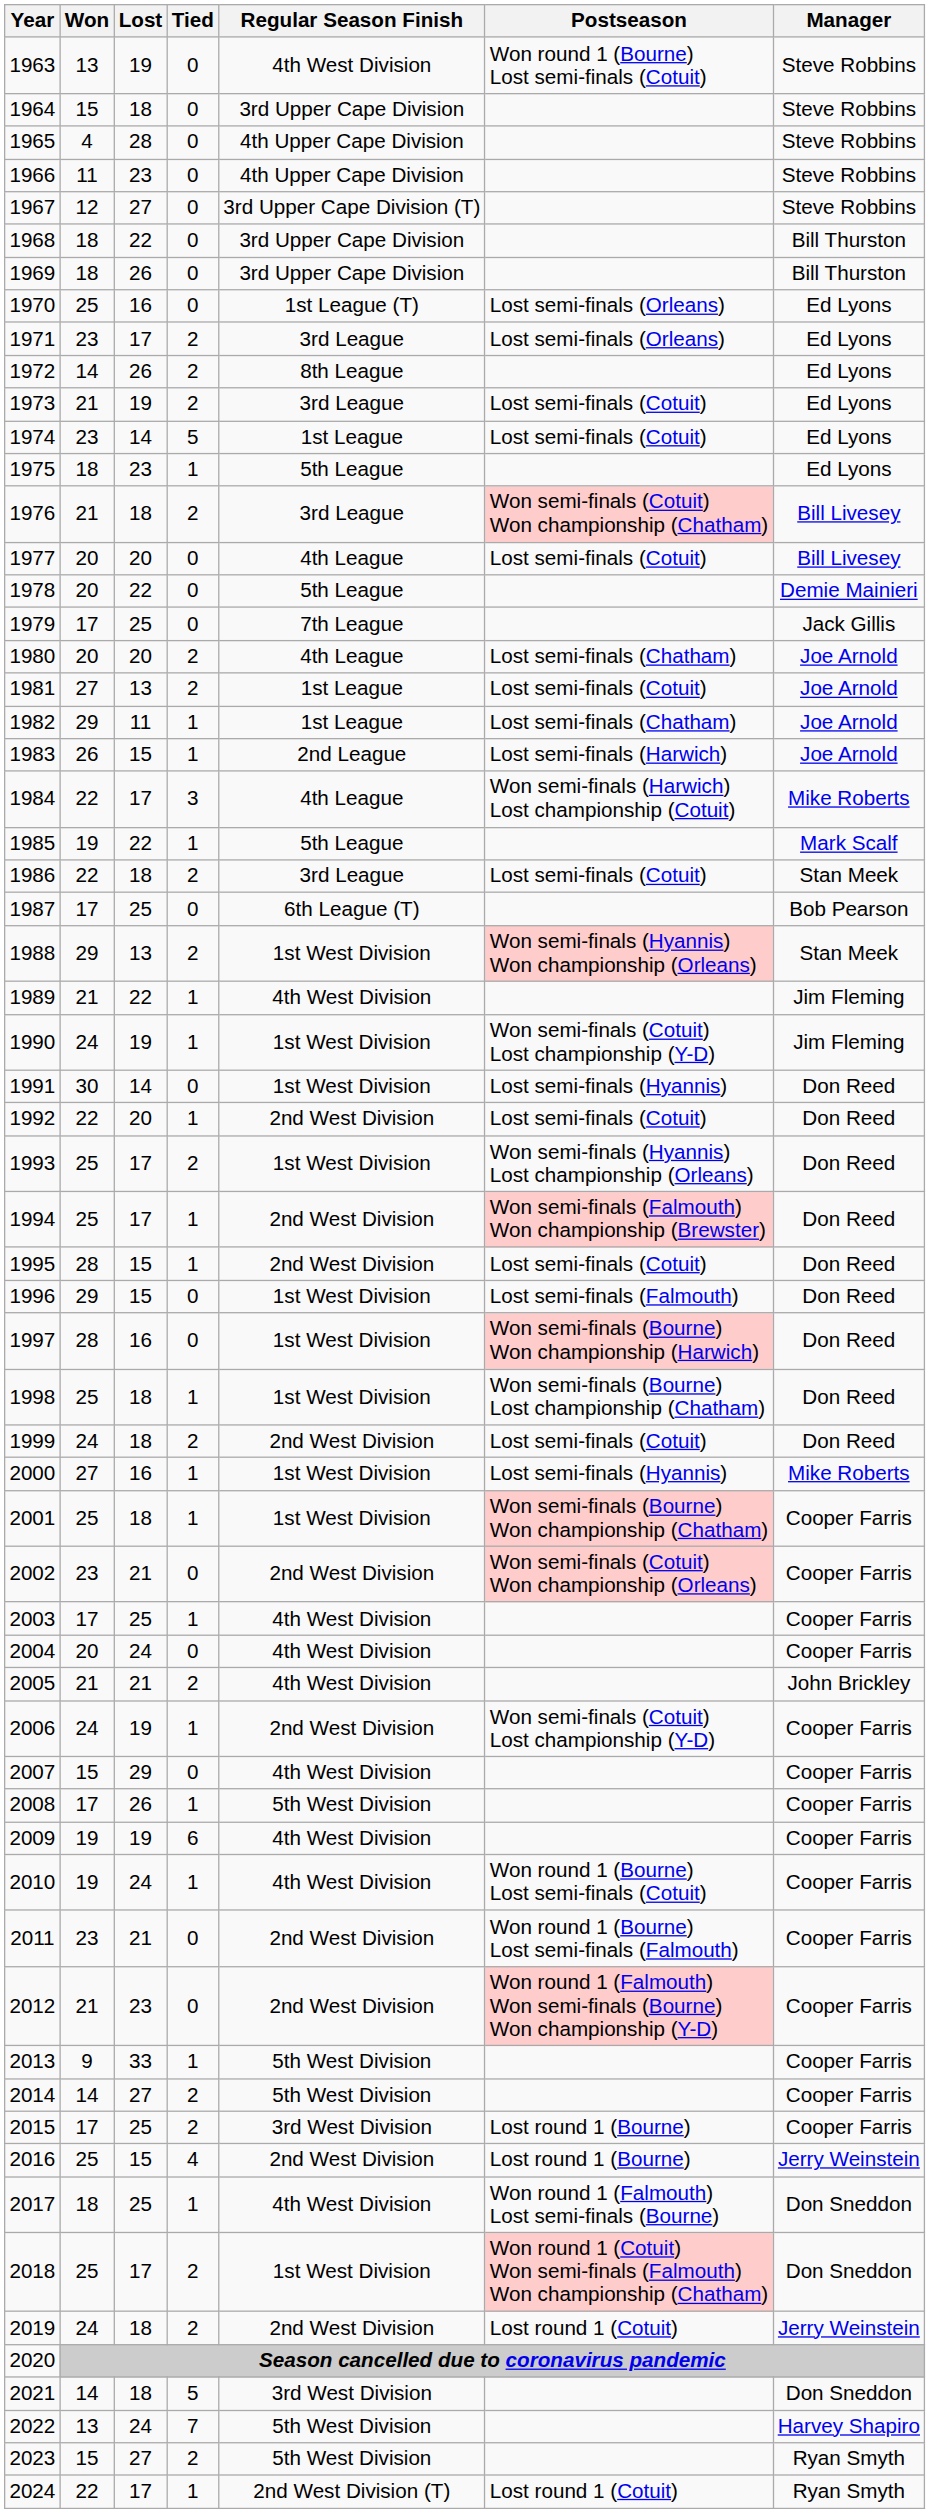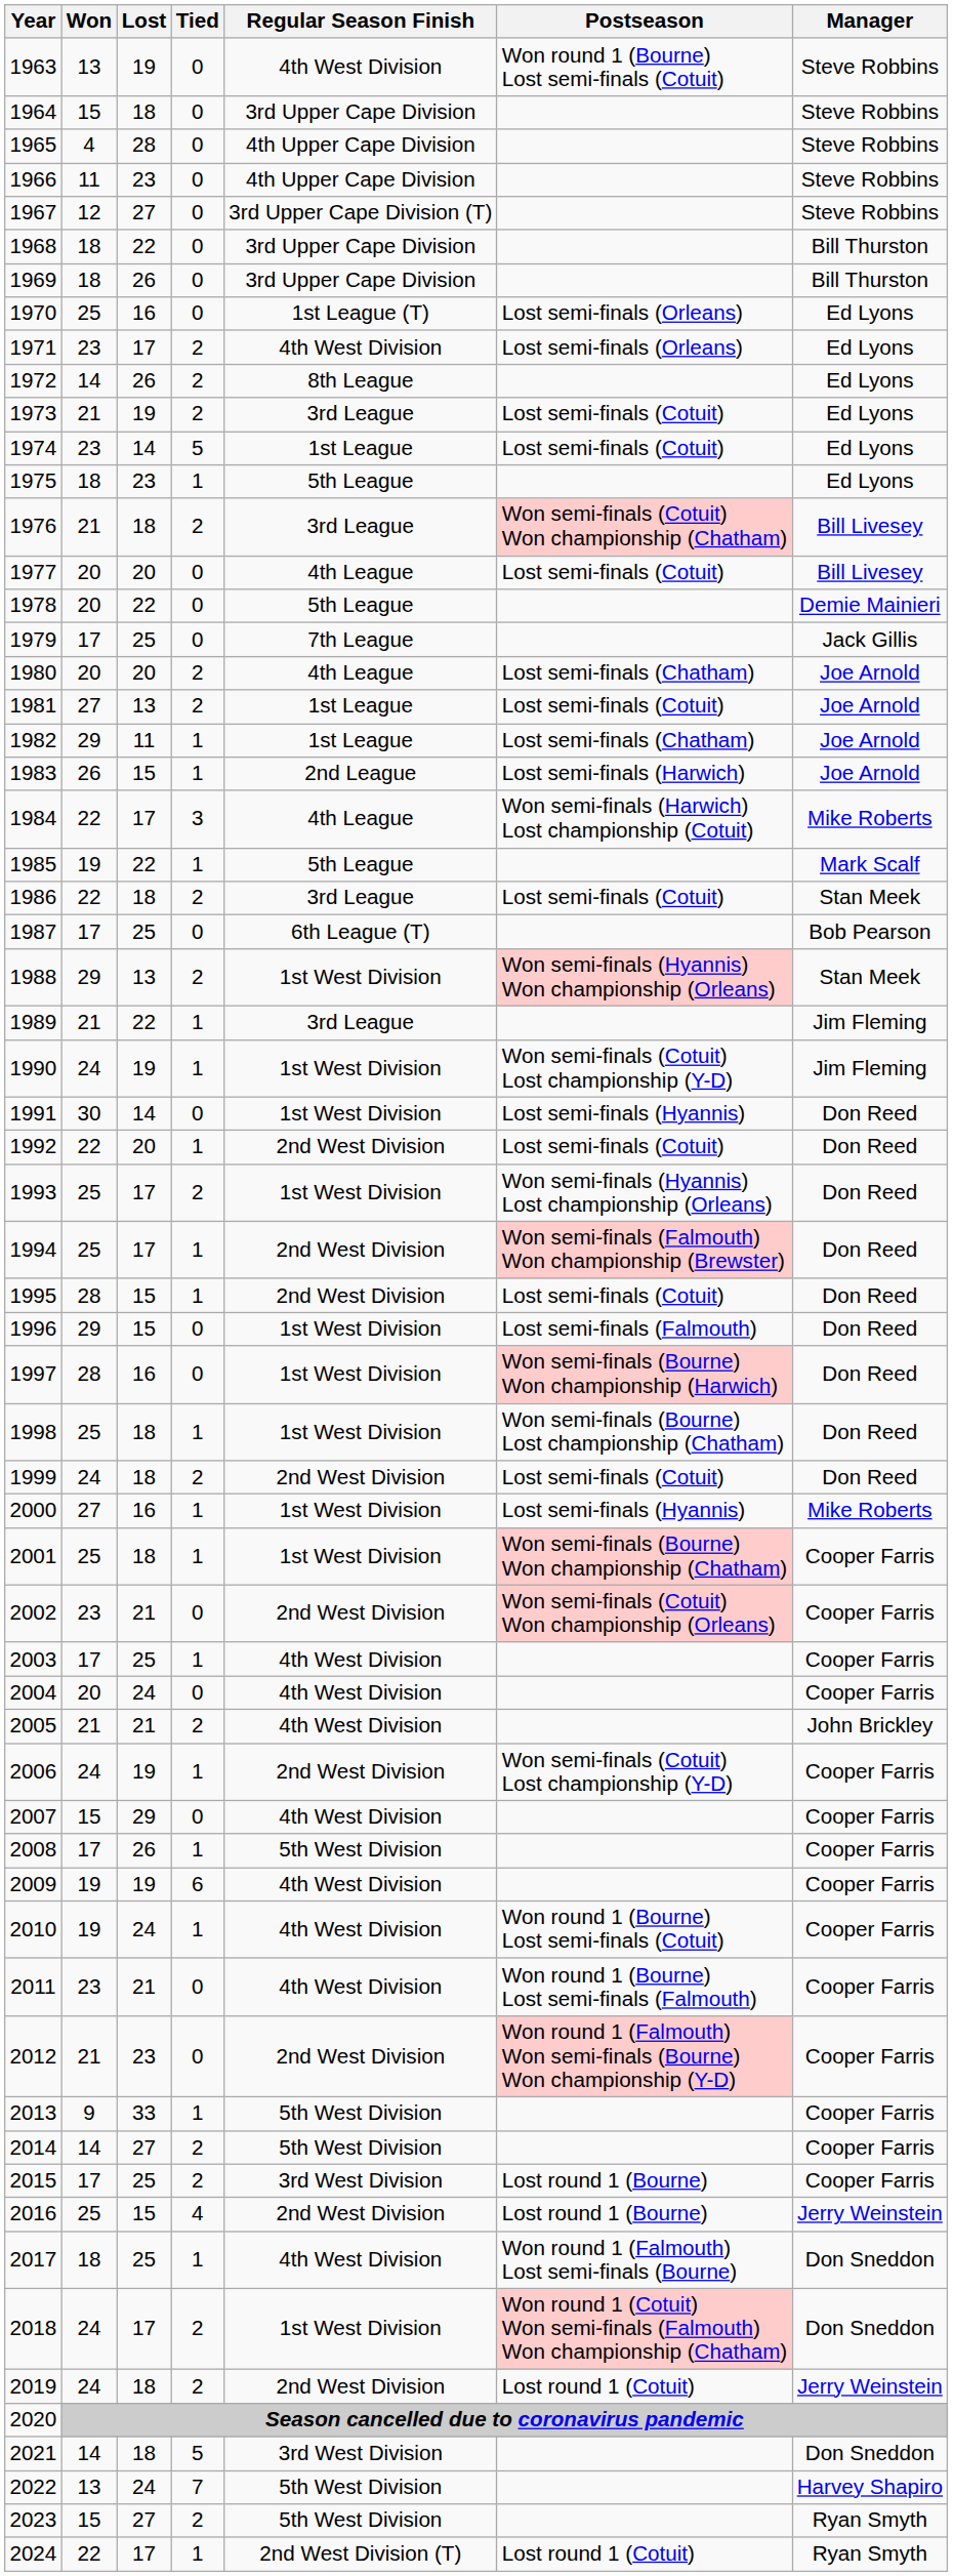 <table class="wikitable" style="text-align:center">
 <tr>
 <th>Year</th>
 <th>Won</th>
 <th>Lost</th>
 <th>Tied</th>
 <th>Regular Season Finish</th>
 <th>Postseason</th>
 <th>Manager</th>
 </tr>
 <tr>
 <td>1963</td>
 <td>13</td>
 <td>19</td>
 <td>0</td>
 <td>4th West Division</td>
 <td style="text-align:left">Won round 1 (<a href='#'>Bourne</a>)<br>Lost semi-finals (<a href='#'>Cotuit</a>)</td>
 <td>Steve Robbins</td>
 </tr>
 <tr>
 <td>1964</td>
 <td>15</td>
 <td>18</td>
 <td>0</td>
 <td>3rd Upper Cape Division</td>
 <td></td>
 <td>Steve Robbins</td>
 </tr>
 <tr>
 <td>1965</td>
 <td>4</td>
 <td>28</td>
 <td>0</td>
 <td>4th Upper Cape Division</td>
 <td></td>
 <td>Steve Robbins</td>
 </tr>
 <tr>
 <td>1966</td>
 <td>11</td>
 <td>23</td>
 <td>0</td>
 <td>4th Upper Cape Division</td>
 <td></td>
 <td>Steve Robbins</td>
 </tr>
 <tr>
 <td>1967</td>
 <td>12</td>
 <td>27</td>
 <td>0</td>
 <td>3rd Upper Cape Division (T)</td>
 <td></td>
 <td>Steve Robbins</td>
 </tr>
 <tr>
 <td>1968</td>
 <td>18</td>
 <td>22</td>
 <td>0</td>
 <td>3rd Upper Cape Division</td>
 <td></td>
 <td>Bill Thurston</td>
 </tr>
 <tr>
 <td>1969</td>
 <td>18</td>
 <td>26</td>
 <td>0</td>
 <td>3rd Upper Cape Division</td>
 <td></td>
 <td>Bill Thurston</td>
 </tr>
 <tr>
 <td>1970</td>
 <td>25</td>
 <td>16</td>
 <td>0</td>
 <td>1st League (T)</td>
 <td style="text-align:left">Lost semi-finals (<a href='#'>Orleans</a>)</td>
 <td>Ed Lyons</td>
 </tr>
 <tr>
 <td>1971</td>
 <td>23</td>
 <td>17</td>
 <td>2</td>
-<td>3rd League</td>
+<td>4th West Division</td>
 <td style="text-align:left">Lost semi-finals (<a href='#'>Orleans</a>)</td>
 <td>Ed Lyons</td>
 </tr>
 <tr>
 <td>1972</td>
 <td>14</td>
 <td>26</td>
 <td>2</td>
 <td>8th League</td>
 <td></td>
 <td>Ed Lyons</td>
 </tr>
 <tr>
 <td>1973</td>
 <td>21</td>
 <td>19</td>
 <td>2</td>
 <td>3rd League</td>
 <td style="text-align:left">Lost semi-finals (<a href='#'>Cotuit</a>)</td>
 <td>Ed Lyons</td>
 </tr>
 <tr>
 <td>1974</td>
 <td>23</td>
 <td>14</td>
 <td>5</td>
 <td>1st League</td>
 <td style="text-align:left">Lost semi-finals (<a href='#'>Cotuit</a>)</td>
 <td>Ed Lyons</td>
 </tr>
 <tr>
 <td>1975</td>
 <td>18</td>
 <td>23</td>
 <td>1</td>
 <td>5th League</td>
 <td></td>
 <td>Ed Lyons</td>
 </tr>
 <tr>
 <td>1976</td>
 <td>21</td>
 <td>18</td>
 <td>2</td>
 <td>3rd League</td>
 <td style="text-align:left" bgcolor=#ffcccc>Won semi-finals (<a href='#'>Cotuit</a>)<br>Won championship (<a href='#'>Chatham</a>)</td>
 <td><a href='#'>Bill Livesey</a></td>
 </tr>
 <tr>
 <td>1977</td>
 <td>20</td>
 <td>20</td>
 <td>0</td>
 <td>4th League</td>
 <td style="text-align:left">Lost semi-finals (<a href='#'>Cotuit</a>)</td>
 <td><a href='#'>Bill Livesey</a></td>
 </tr>
 <tr>
 <td>1978</td>
 <td>20</td>
 <td>22</td>
 <td>0</td>
 <td>5th League</td>
 <td></td>
 <td><a href='#'>Demie Mainieri</a></td>
 </tr>
 <tr>
 <td>1979</td>
 <td>17</td>
 <td>25</td>
 <td>0</td>
 <td>7th League</td>
 <td></td>
 <td>Jack Gillis</td>
 </tr>
 <tr>
 <td>1980</td>
 <td>20</td>
 <td>20</td>
 <td>2</td>
 <td>4th League</td>
 <td style="text-align:left">Lost semi-finals (<a href='#'>Chatham</a>)</td>
 <td><a href='#'>Joe Arnold</a></td>
 </tr>
 <tr>
 <td>1981</td>
 <td>27</td>
 <td>13</td>
 <td>2</td>
 <td>1st League</td>
 <td style="text-align:left">Lost semi-finals (<a href='#'>Cotuit</a>)</td>
 <td><a href='#'>Joe Arnold</a></td>
 </tr>
 <tr>
 <td>1982</td>
 <td>29</td>
 <td>11</td>
 <td>1</td>
 <td>1st League</td>
 <td style="text-align:left">Lost semi-finals (<a href='#'>Chatham</a>)</td>
 <td><a href='#'>Joe Arnold</a></td>
 </tr>
 <tr>
 <td>1983</td>
 <td>26</td>
 <td>15</td>
 <td>1</td>
 <td>2nd League</td>
 <td style="text-align:left">Lost semi-finals (<a href='#'>Harwich</a>)</td>
 <td><a href='#'>Joe Arnold</a></td>
 </tr>
 <tr>
 <td>1984</td>
 <td>22</td>
 <td>17</td>
 <td>3</td>
 <td>4th League</td>
 <td style="text-align:left">Won semi-finals (<a href='#'>Harwich</a>)<br>Lost championship (<a href='#'>Cotuit</a>)</td>
 <td><a href='#'>Mike Roberts</a></td>
 </tr>
 <tr>
 <td>1985</td>
 <td>19</td>
 <td>22</td>
 <td>1</td>
 <td>5th League</td>
 <td></td>
 <td><a href='#'>Mark Scalf</a></td>
 </tr>
 <tr>
 <td>1986</td>
 <td>22</td>
 <td>18</td>
 <td>2</td>
 <td>3rd League</td>
 <td style="text-align:left">Lost semi-finals (<a href='#'>Cotuit</a>)</td>
 <td>Stan Meek</td>
 </tr>
 <tr>
 <td>1987</td>
 <td>17</td>
 <td>25</td>
 <td>0</td>
 <td>6th League (T)</td>
 <td></td>
 <td>Bob Pearson</td>
 </tr>
 <tr>
 <td>1988</td>
 <td>29</td>
 <td>13</td>
 <td>2</td>
 <td>1st West Division</td>
 <td style="text-align:left" bgcolor=#ffcccc>Won semi-finals (<a href='#'>Hyannis</a>)<br>Won championship (<a href='#'>Orleans</a>)</td>
 <td>Stan Meek</td>
 </tr>
 <tr>
 <td>1989</td>
 <td>21</td>
 <td>22</td>
 <td>1</td>
-<td>4th West Division</td>
+<td>3rd League</td>
 <td></td>
 <td>Jim Fleming</td>
 </tr>
 <tr>
 <td>1990</td>
 <td>24</td>
 <td>19</td>
 <td>1</td>
 <td>1st West Division</td>
 <td style="text-align:left">Won semi-finals (<a href='#'>Cotuit</a>)<br>Lost championship (<a href='#'>Y-D</a>)</td>
 <td>Jim Fleming</td>
 </tr>
 <tr>
 <td>1991</td>
 <td>30</td>
 <td>14</td>
 <td>0</td>
 <td>1st West Division</td>
 <td style="text-align:left">Lost semi-finals (<a href='#'>Hyannis</a>)</td>
 <td>Don Reed</td>
 </tr>
 <tr>
 <td>1992</td>
 <td>22</td>
 <td>20</td>
 <td>1</td>
 <td>2nd West Division</td>
 <td style="text-align:left">Lost semi-finals (<a href='#'>Cotuit</a>)</td>
 <td>Don Reed</td>
 </tr>
 <tr>
 <td>1993</td>
 <td>25</td>
 <td>17</td>
 <td>2</td>
 <td>1st West Division</td>
 <td style="text-align:left">Won semi-finals (<a href='#'>Hyannis</a>)<br>Lost championship (<a href='#'>Orleans</a>)</td>
 <td>Don Reed</td>
 </tr>
 <tr>
 <td>1994</td>
 <td>25</td>
 <td>17</td>
 <td>1</td>
 <td>2nd West Division</td>
 <td style="text-align:left" bgcolor=#ffcccc>Won semi-finals (<a href='#'>Falmouth</a>)<br>Won championship (<a href='#'>Brewster</a>)</td>
 <td>Don Reed</td>
 </tr>
 <tr>
 <td>1995</td>
 <td>28</td>
 <td>15</td>
 <td>1</td>
 <td>2nd West Division</td>
 <td style="text-align:left">Lost semi-finals (<a href='#'>Cotuit</a>)</td>
 <td>Don Reed</td>
 </tr>
 <tr>
 <td>1996</td>
 <td>29</td>
 <td>15</td>
 <td>0</td>
 <td>1st West Division</td>
 <td style="text-align:left">Lost semi-finals (<a href='#'>Falmouth</a>)</td>
 <td>Don Reed</td>
 </tr>
 <tr>
 <td>1997</td>
 <td>28</td>
 <td>16</td>
 <td>0</td>
 <td>1st West Division</td>
 <td style="text-align:left" bgcolor=#ffcccc>Won semi-finals (<a href='#'>Bourne</a>)<br>Won championship (<a href='#'>Harwich</a>)</td>
 <td>Don Reed</td>
 </tr>
 <tr>
 <td>1998</td>
 <td>25</td>
 <td>18</td>
 <td>1</td>
 <td>1st West Division</td>
 <td style="text-align:left">Won semi-finals (<a href='#'>Bourne</a>)<br>Lost championship (<a href='#'>Chatham</a>)</td>
 <td>Don Reed</td>
 </tr>
 <tr>
 <td>1999</td>
 <td>24</td>
 <td>18</td>
 <td>2</td>
 <td>2nd West Division</td>
 <td style="text-align:left">Lost semi-finals (<a href='#'>Cotuit</a>)</td>
 <td>Don Reed</td>
 </tr>
 <tr>
 <td>2000</td>
 <td>27</td>
 <td>16</td>
 <td>1</td>
 <td>1st West Division</td>
 <td style="text-align:left">Lost semi-finals (<a href='#'>Hyannis</a>)</td>
 <td><a href='#'>Mike Roberts</a></td>
 </tr>
 <tr>
 <td>2001</td>
 <td>25</td>
 <td>18</td>
 <td>1</td>
 <td>1st West Division</td>
 <td style="text-align:left" bgcolor=#ffcccc>Won semi-finals (<a href='#'>Bourne</a>)<br>Won championship (<a href='#'>Chatham</a>)</td>
 <td>Cooper Farris</td>
 </tr>
 <tr>
 <td>2002</td>
 <td>23</td>
 <td>21</td>
 <td>0</td>
 <td>2nd West Division</td>
 <td style="text-align:left" bgcolor=#ffcccc>Won semi-finals (<a href='#'>Cotuit</a>)<br>Won championship (<a href='#'>Orleans</a>)</td>
 <td>Cooper Farris</td>
 </tr>
 <tr>
 <td>2003</td>
 <td>17</td>
 <td>25</td>
 <td>1</td>
 <td>4th West Division</td>
 <td></td>
 <td>Cooper Farris</td>
 </tr>
 <tr>
 <td>2004</td>
 <td>20</td>
 <td>24</td>
 <td>0</td>
 <td>4th West Division</td>
 <td></td>
 <td>Cooper Farris</td>
 </tr>
 <tr>
 <td>2005</td>
 <td>21</td>
 <td>21</td>
 <td>2</td>
 <td>4th West Division</td>
 <td></td>
 <td>John Brickley</td>
 </tr>
 <tr>
 <td>2006</td>
 <td>24</td>
 <td>19</td>
 <td>1</td>
 <td>2nd West Division</td>
 <td style="text-align:left">Won semi-finals (<a href='#'>Cotuit</a>)<br>Lost championship (<a href='#'>Y-D</a>)</td>
 <td>Cooper Farris</td>
 </tr>
 <tr>
 <td>2007</td>
 <td>15</td>
 <td>29</td>
 <td>0</td>
 <td>4th West Division</td>
 <td></td>
 <td>Cooper Farris</td>
 </tr>
 <tr>
 <td>2008</td>
 <td>17</td>
 <td>26</td>
 <td>1</td>
 <td>5th West Division</td>
 <td></td>
 <td>Cooper Farris</td>
 </tr>
 <tr>
 <td>2009</td>
 <td>19</td>
 <td>19</td>
 <td>6</td>
 <td>4th West Division</td>
 <td></td>
 <td>Cooper Farris</td>
 </tr>
 <tr>
 <td>2010</td>
 <td>19</td>
 <td>24</td>
 <td>1</td>
 <td>4th West Division</td>
 <td style="text-align:left">Won round 1 (<a href='#'>Bourne</a>)<br>Lost semi-finals (<a href='#'>Cotuit</a>)</td>
 <td>Cooper Farris</td>
 </tr>
 <tr>
 <td>2011</td>
 <td>23</td>
 <td>21</td>
 <td>0</td>
-<td>2nd West Division</td>
+<td>4th West Division</td>
 <td style="text-align:left">Won round 1 (<a href='#'>Bourne</a>)<br>Lost semi-finals (<a href='#'>Falmouth</a>)</td>
 <td>Cooper Farris</td>
 </tr>
 <tr>
 <td>2012</td>
 <td>21</td>
 <td>23</td>
 <td>0</td>
 <td>2nd West Division</td>
 <td style="text-align:left" bgcolor=#ffcccc>Won round 1 (<a href='#'>Falmouth</a>)<br>Won semi-finals (<a href='#'>Bourne</a>)<br>Won championship (<a href='#'>Y-D</a>)</td>
 <td>Cooper Farris</td>
 </tr>
 <tr>
 <td>2013</td>
 <td>9</td>
 <td>33</td>
 <td>1</td>
 <td>5th West Division</td>
 <td></td>
 <td>Cooper Farris</td>
 </tr>
 <tr>
 <td>2014</td>
 <td>14</td>
 <td>27</td>
 <td>2</td>
 <td>5th West Division</td>
 <td></td>
 <td>Cooper Farris</td>
 </tr>
 <tr>
 <td>2015</td>
 <td>17</td>
 <td>25</td>
 <td>2</td>
 <td>3rd West Division</td>
 <td style="text-align:left">Lost round 1 (<a href='#'>Bourne</a>)</td>
 <td>Cooper Farris</td>
 </tr>
 <tr>
 <td>2016</td>
 <td>25</td>
 <td>15</td>
 <td>4</td>
 <td>2nd West Division</td>
 <td style="text-align:left">Lost round 1 (<a href='#'>Bourne</a>)</td>
 <td><a href='#'>Jerry Weinstein</a></td>
 </tr>
 <tr>
 <td>2017</td>
 <td>18</td>
 <td>25</td>
 <td>1</td>
 <td>4th West Division</td>
 <td style="text-align:left">Won round 1 (<a href='#'>Falmouth</a>)<br>Lost semi-finals (<a href='#'>Bourne</a>)</td>
 <td>Don Sneddon</td>
 </tr>
 <tr>
 <td>2018</td>
-<td>25</td>
+<td>24</td>
 <td>17</td>
 <td>2</td>
 <td>1st West Division</td>
 <td style="text-align:left" bgcolor=#ffcccc>Won round 1 (<a href='#'>Cotuit</a>)<br>Won semi-finals (<a href='#'>Falmouth</a>)<br>Won championship (<a href='#'>Chatham</a>)</td>
 <td>Don Sneddon</td>
 </tr>
 <tr>
 <td>2019</td>
 <td>24</td>
 <td>18</td>
 <td>2</td>
 <td>2nd West Division</td>
 <td style="text-align:left">Lost round 1 (<a href='#'>Cotuit</a>)</td>
 <td><a href='#'>Jerry Weinstein</a></td>
 </tr>
 <tr>
 <td>2020</td>
 <td colspan="6" align="center" bgcolor=#cccccc><strong><em>Season cancelled due to <a href='#'>coronavirus pandemic</a></em></strong></td>
 </tr>
 <tr>
 <td>2021</td>
 <td>14</td>
 <td>18</td>
 <td>5</td>
 <td>3rd West Division</td>
 <td></td>
 <td>Don Sneddon</td>
 </tr>
 <tr>
 <td>2022</td>
 <td>13</td>
 <td>24</td>
 <td>7</td>
 <td>5th West Division</td>
 <td></td>
 <td><a href='#'>Harvey Shapiro</a></td>
 </tr>
 <tr>
 <td>2023</td>
 <td>15</td>
 <td>27</td>
 <td>2</td>
 <td>5th West Division</td>
 <td></td>
 <td>Ryan Smyth</td>
 </tr>
 <tr>
 <td>2024</td>
 <td>22</td>
 <td>17</td>
 <td>1</td>
 <td>2nd West Division (T)</td>
 <td style="text-align:left">Lost round 1 (<a href='#'>Cotuit</a>)</td>
 <td>Ryan Smyth</td>
 </tr>
 <tr>
 </tr>
 </table>
